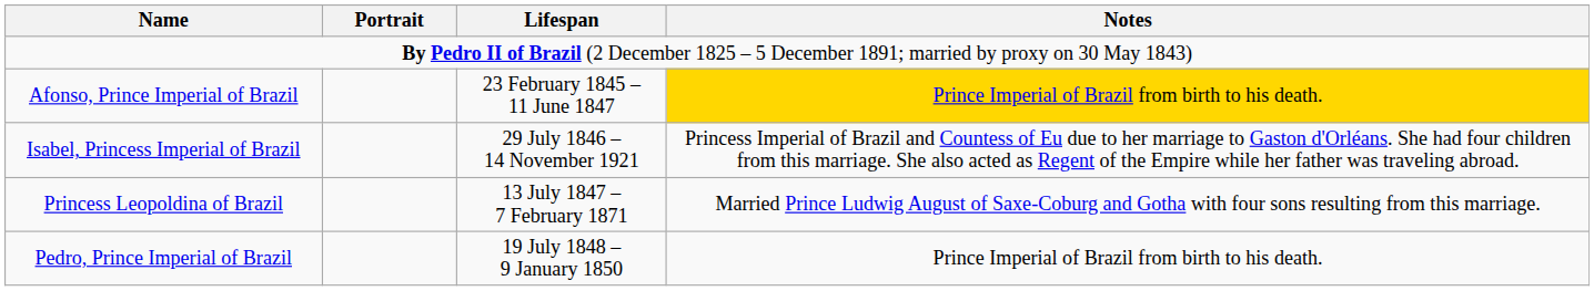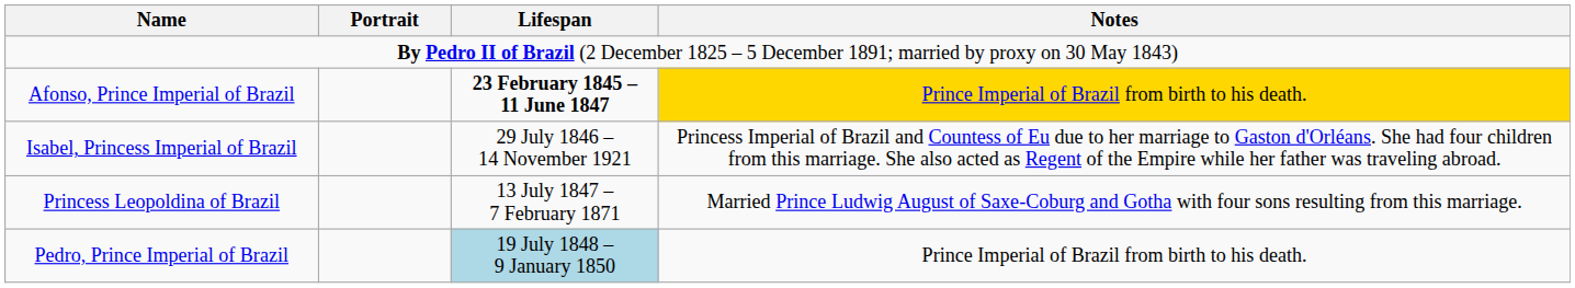 <table style="text-align: center; width: 100%;" class="wikitable">
 <tr>
 <th style="width: 20%;">Name</th>
 <th style="width: 100px;">Portrait</th>
 <th style="width: 10em;">Lifespan</th>
 <th>Notes</th>
 </tr>
 <tr>
 <td colspan="4"><strong>By <a href='#'>Pedro II of Brazil</a></strong> (2 December 1825 – 5 December 1891; married by proxy on 30 May 1843)</td>
 </tr>
 <tr>
 <td><a href='#'>Afonso, Prince Imperial of Brazil</a></td>
 <td></td>
-<td>23 February 1845 – <br> 11 June 1847</td>
+<td><strong>23 February 1845 – <br> 11 June 1847</strong></td>
 <td style="background: gold;"><a href='#'>Prince Imperial of Brazil</a> from birth to his death.</td>
 </tr>
 <tr>
 <td><a href='#'>Isabel, Princess Imperial of Brazil</a></td>
 <td></td>
 <td>29 July 1846 – <br> 14 November 1921</td>
 <td>Princess Imperial of Brazil and <a href='#'>Countess of Eu</a> due to her marriage to <a href='#'>Gaston d'Orléans</a>. She had four children from this marriage. She also acted as <a href='#'>Regent</a> of the Empire while her father was traveling abroad.</td>
 </tr>
 <tr>
 <td><a href='#'>Princess Leopoldina of Brazil</a></td>
 <td></td>
 <td>13 July 1847 – <br> 7 February 1871</td>
 <td>Married <a href='#'>Prince Ludwig August of Saxe-Coburg and Gotha</a> with four sons resulting from this marriage.</td>
 </tr>
 <tr>
 <td><a href='#'>Pedro, Prince Imperial of Brazil</a></td>
 <td></td>
-<td>19 July 1848 – <br> 9 January 1850</td>
+<td style="background: lightblue;">19 July 1848 – <br> 9 January 1850</td>
 <td>Prince Imperial of Brazil from birth to his death.</td>
 </tr>
 </table>
